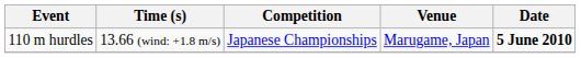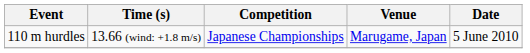 <table class="wikitable" style=text-align:center>
 <tr>
 <th>Event</th>
 <th>Time (s)</th>
 <th>Competition</th>
 <th>Venue</th>
 <th>Date</th>
 </tr>
 <tr>
 <td>110 m hurdles</td>
 <td>13.66 <small>(wind: +1.8 m/s)</small></td>
 <td><a href='#'>Japanese Championships</a></td>
 <td><a href='#'>Marugame, Japan</a></td>
-<td><strong>5 June 2010</strong></td>
+<td>5 June 2010</td>
 </tr>
 <tr>
 </tr>
 </table>
